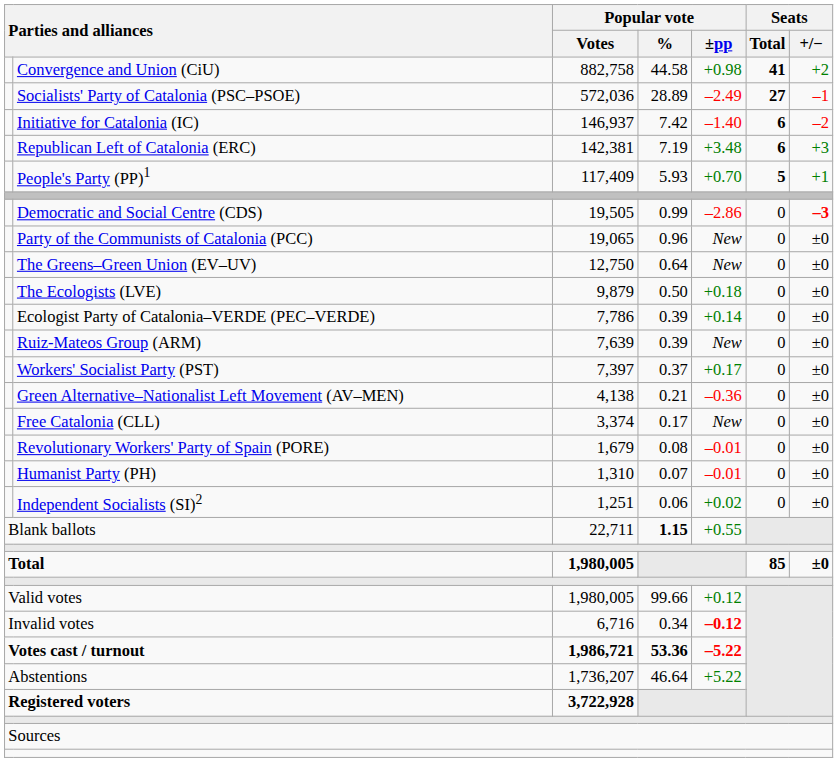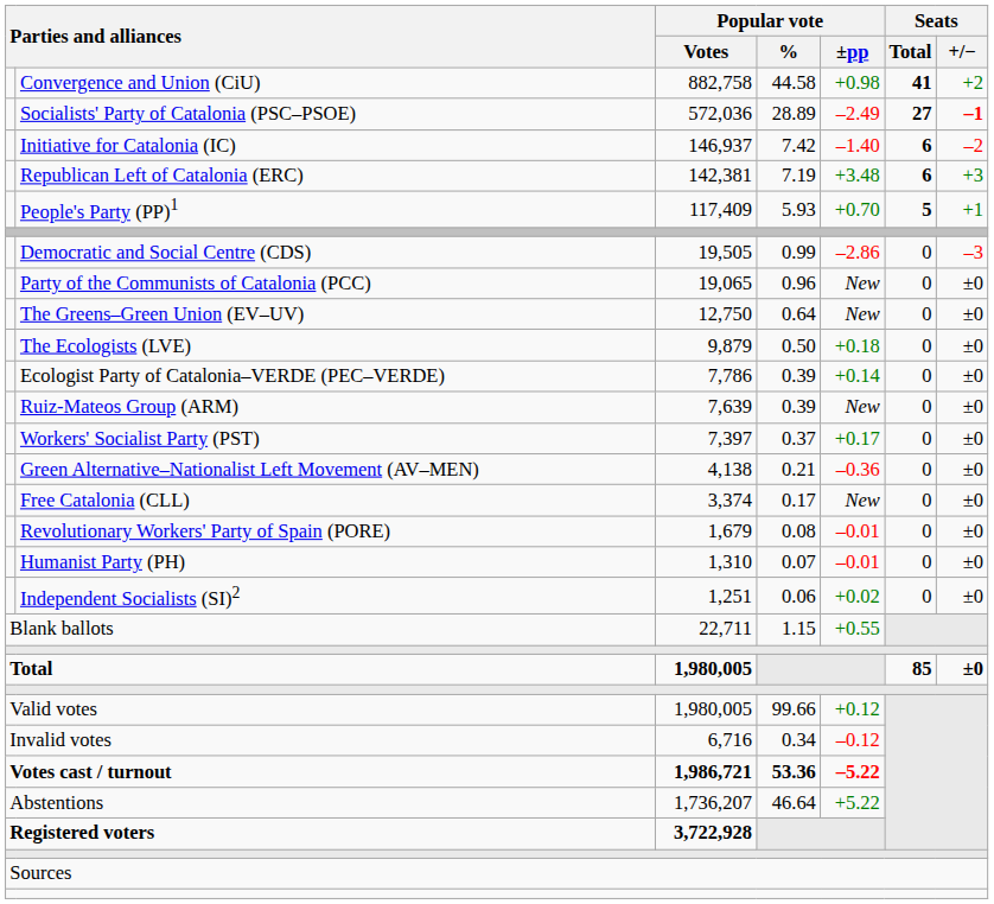 <table class="wikitable" style="text-align:right;">
 <tr>
 <th style="text-align:left;" rowspan="2" colspan="2" width="525">Parties and alliances</th>
 <th colspan="3">Popular vote</th>
 <th colspan="2">Seats</th>
 </tr>
 <tr>
 <th width="75">Votes</th>
 <th width="45">%</th>
 <th width="45">±<a href='#'>pp</a></th>
 <th width="35">Total</th>
 <th width="35">+/−</th>
 </tr>
 <tr>
 <td width="1" style="color:inherit;background:"></td>
 <td align="left"><a href='#'>Convergence and Union</a> (CiU)</td>
 <td>882,758</td>
 <td>44.58</td>
 <td style="color:green;">+0.98</td>
 <td><strong>41</strong></td>
 <td style="color:green;">+2</td>
 </tr>
 <tr>
 <td style="color:inherit;background:"></td>
 <td align="left"><a href='#'>Socialists' Party of Catalonia</a> (PSC–PSOE)</td>
 <td>572,036</td>
 <td>28.89</td>
 <td style="color:red;">–2.49</td>
 <td><strong>27</strong></td>
-<td style="color:red;">–1</td>
+<td style="color:red;"><strong>–1</strong></td>
 </tr>
 <tr>
 <td style="color:inherit;background:"></td>
 <td align="left"><a href='#'>Initiative for Catalonia</a> (IC)</td>
 <td>146,937</td>
 <td>7.42</td>
 <td style="color:red;">–1.40</td>
 <td><strong>6</strong></td>
 <td style="color:red;">–2</td>
 </tr>
 <tr>
 <td style="color:inherit;background:"></td>
 <td align="left"><a href='#'>Republican Left of Catalonia</a> (ERC)</td>
 <td>142,381</td>
 <td>7.19</td>
 <td style="color:green;">+3.48</td>
 <td><strong>6</strong></td>
 <td style="color:green;">+3</td>
 </tr>
 <tr>
 <td style="color:inherit;background:"></td>
 <td align="left"><a href='#'>People's Party</a> (PP)<sup>1</sup></td>
 <td>117,409</td>
 <td>5.93</td>
 <td style="color:green;">+0.70</td>
 <td><strong>5</strong></td>
 <td style="color:green;">+1</td>
 </tr>
 <tr>
 <td colspan="7" bgcolor="#C0C0C0"></td>
 </tr>
 <tr>
 <td style="color:inherit;background:"></td>
 <td align="left"><a href='#'>Democratic and Social Centre</a> (CDS)</td>
 <td>19,505</td>
 <td>0.99</td>
 <td style="color:red;">–2.86</td>
 <td>0</td>
-<td style="color:red;"><strong>–3</strong></td>
+<td style="color:red;">–3</td>
 </tr>
 <tr>
 <td style="color:inherit;background:"></td>
 <td align="left"><a href='#'>Party of the Communists of Catalonia</a> (PCC)</td>
 <td>19,065</td>
 <td>0.96</td>
 <td><em>New</em></td>
 <td>0</td>
 <td>±0</td>
 </tr>
 <tr>
 <td style="color:inherit;background:"></td>
 <td align="left"><a href='#'>The Greens–Green Union</a> (EV–UV)</td>
 <td>12,750</td>
 <td>0.64</td>
 <td><em>New</em></td>
 <td>0</td>
 <td>±0</td>
 </tr>
 <tr>
 <td style="color:inherit;background:"></td>
 <td align="left"><a href='#'>The Ecologists</a> (LVE)</td>
 <td>9,879</td>
 <td>0.50</td>
 <td style="color:green;">+0.18</td>
 <td>0</td>
 <td>±0</td>
 </tr>
 <tr>
 <td style="color:inherit;background:"></td>
 <td align="left">Ecologist Party of Catalonia–VERDE (PEC–VERDE)</td>
 <td>7,786</td>
 <td>0.39</td>
 <td style="color:green;">+0.14</td>
 <td>0</td>
 <td>±0</td>
 </tr>
 <tr>
 <td style="color:inherit;background:"></td>
 <td align="left"><a href='#'>Ruiz-Mateos Group</a> (ARM)</td>
 <td>7,639</td>
 <td>0.39</td>
 <td><em>New</em></td>
 <td>0</td>
 <td>±0</td>
 </tr>
 <tr>
 <td style="color:inherit;background:"></td>
 <td align="left"><a href='#'>Workers' Socialist Party</a> (PST)</td>
 <td>7,397</td>
 <td>0.37</td>
 <td style="color:green;">+0.17</td>
 <td>0</td>
 <td>±0</td>
 </tr>
 <tr>
 <td style="color:inherit;background:"></td>
 <td align="left"><a href='#'>Green Alternative–Nationalist Left Movement</a> (AV–MEN)</td>
 <td>4,138</td>
 <td>0.21</td>
 <td style="color:red;">–0.36</td>
 <td>0</td>
 <td>±0</td>
 </tr>
 <tr>
 <td style="color:inherit;background:"></td>
 <td align="left"><a href='#'>Free Catalonia</a> (CLL)</td>
 <td>3,374</td>
 <td>0.17</td>
 <td><em>New</em></td>
 <td>0</td>
 <td>±0</td>
 </tr>
 <tr>
 <td style="color:inherit;background:"></td>
 <td align="left"><a href='#'>Revolutionary Workers' Party of Spain</a> (PORE)</td>
 <td>1,679</td>
 <td>0.08</td>
 <td style="color:red;">–0.01</td>
 <td>0</td>
 <td>±0</td>
 </tr>
 <tr>
 <td style="color:inherit;background:"></td>
 <td align="left"><a href='#'>Humanist Party</a> (PH)</td>
 <td>1,310</td>
 <td>0.07</td>
 <td style="color:red;">–0.01</td>
 <td>0</td>
 <td>±0</td>
 </tr>
 <tr>
 <td style="color:inherit;background:"></td>
 <td align="left"><a href='#'>Independent Socialists</a> (SI)<sup>2</sup></td>
 <td>1,251</td>
 <td>0.06</td>
 <td style="color:green;">+0.02</td>
 <td>0</td>
 <td>±0</td>
 </tr>
 <tr>
 <td align="left" colspan="2">Blank ballots</td>
 <td>22,711</td>
-<td><strong>1.15</strong></td>
+<td>1.15</td>
 <td style="color:green;">+0.55</td>
 <td bgcolor="#E9E9E9" colspan="2"></td>
 </tr>
 <tr>
 <td colspan="7" bgcolor="#E9E9E9"></td>
 </tr>
 <tr style="font-weight:bold;">
 <td align="left" colspan="2">Total</td>
 <td>1,980,005</td>
 <td bgcolor="#E9E9E9" colspan="2"></td>
 <td>85</td>
 <td>±0</td>
 </tr>
 <tr>
 <td colspan="7" bgcolor="#E9E9E9"></td>
 </tr>
 <tr>
 <td align="left" colspan="2">Valid votes</td>
 <td>1,980,005</td>
 <td>99.66</td>
 <td style="color:green;">+0.12</td>
 <td bgcolor="#E9E9E9" colspan="2" rowspan="5"></td>
 </tr>
 <tr>
 <td align="left" colspan="2">Invalid votes</td>
 <td>6,716</td>
 <td>0.34</td>
-<td style="color:red;"><strong>–0.12</strong></td>
+<td style="color:red;">–0.12</td>
 </tr>
 <tr style="font-weight:bold;">
 <td align="left" colspan="2">Votes cast / turnout</td>
 <td>1,986,721</td>
 <td>53.36</td>
 <td style="color:red;">–5.22</td>
 </tr>
 <tr>
 <td align="left" colspan="2">Abstentions</td>
 <td>1,736,207</td>
 <td>46.64</td>
 <td style="color:green;">+5.22</td>
 </tr>
 <tr style="font-weight:bold;">
 <td align="left" colspan="2">Registered voters</td>
 <td>3,722,928</td>
 <td bgcolor="#E9E9E9" colspan="2"></td>
 </tr>
 <tr>
 <td colspan="7" bgcolor="#E9E9E9"></td>
 </tr>
 <tr>
 <td align="left" colspan="7">Sources</td>
 </tr>
 <tr>
 <td colspan="7" style="text-align:left; max-width:790px;"></td>
 </tr>
 </table>
